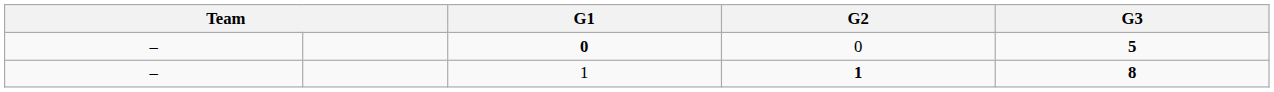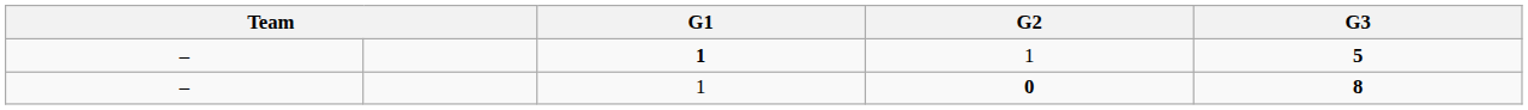 <table class="wikitable" style="font-size:90%; width: 55%; text-align: center">
 <tr>
 <th colspan=2>Team</th>
 <th>G1</th>
 <th>G2</th>
 <th>G3</th>
 </tr>
 <tr>
 <td>–</td>
 <td></td>
-<td><strong>0</strong></td>
-<td>0</td>
+<td><strong>1</strong></td>
+<td>1</td>
 <td><strong>5</strong></td>
 </tr>
 <tr>
 <td>–</td>
 <td><strong></strong></td>
 <td>1</td>
-<td><strong>1</strong></td>
+<td><strong>0</strong></td>
 <td><strong>8</strong></td>
 </tr>
 </table>
